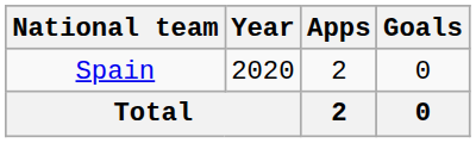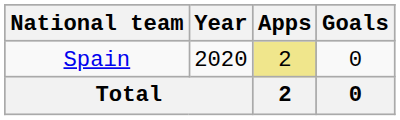 <table class="wikitable" style="text-align:center">
 <tr>
 <th>National team</th>
 <th>Year</th>
 <th>Apps</th>
 <th>Goals</th>
 </tr>
 <tr>
 <td><a href='#'>Spain</a></td>
 <td>2020</td>
-<td>2</td>
+<td style="background: khaki;">2</td>
 <td>0</td>
 </tr>
 <tr>
 <th colspan="2">Total</th>
 <th>2</th>
 <th>0</th>
 </tr>
 </table>
